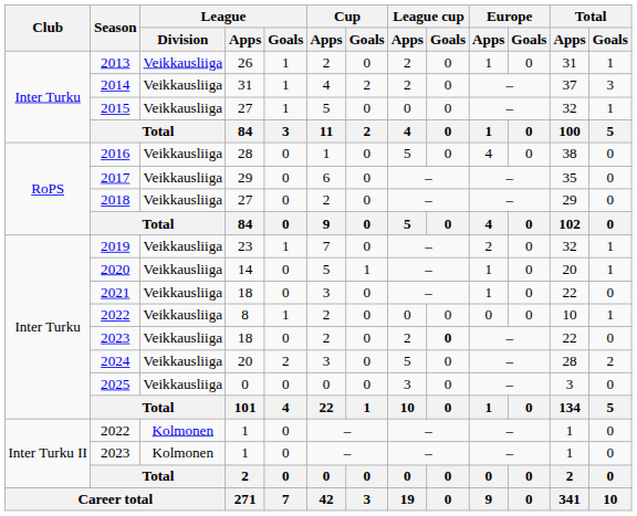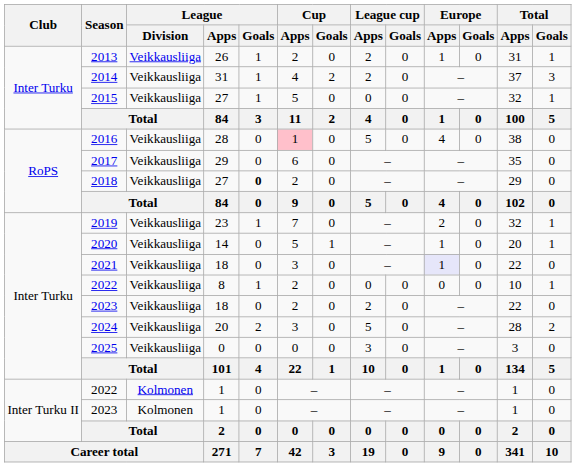 <table class="wikitable" style="text-align:center">
 <tr>
 <th rowspan="2">Club</th>
 <th rowspan="2">Season</th>
 <th colspan="3">League</th>
 <th colspan="2">Cup</th>
 <th colspan="2">League cup</th>
 <th colspan="2">Europe</th>
 <th colspan="2">Total</th>
 </tr>
 <tr>
 <th>Division</th>
 <th>Apps</th>
 <th>Goals</th>
 <th>Apps</th>
 <th>Goals</th>
 <th>Apps</th>
 <th>Goals</th>
 <th>Apps</th>
 <th>Goals</th>
 <th>Apps</th>
 <th>Goals</th>
 </tr>
 <tr>
 <td rowspan=4><a href='#'>Inter Turku</a></td>
 <td><a href='#'>2013</a></td>
 <td><a href='#'>Veikkausliiga</a></td>
 <td>26</td>
 <td>1</td>
 <td>2</td>
 <td>0</td>
 <td>2</td>
 <td>0</td>
 <td>1</td>
 <td>0</td>
 <td>31</td>
 <td>1</td>
 </tr>
 <tr>
 <td><a href='#'>2014</a></td>
 <td>Veikkausliiga</td>
 <td>31</td>
 <td>1</td>
 <td>4</td>
 <td>2</td>
 <td>2</td>
 <td>0</td>
 <td colspan=2>–</td>
 <td>37</td>
 <td>3</td>
 </tr>
 <tr>
 <td><a href='#'>2015</a></td>
 <td>Veikkausliiga</td>
 <td>27</td>
 <td>1</td>
 <td>5</td>
 <td>0</td>
 <td>0</td>
 <td>0</td>
 <td colspan=2>–</td>
 <td>32</td>
 <td>1</td>
 </tr>
 <tr>
 <th colspan="2">Total</th>
 <th>84</th>
 <th>3</th>
 <th>11</th>
 <th>2</th>
 <th>4</th>
 <th>0</th>
 <th>1</th>
 <th>0</th>
 <th>100</th>
 <th>5</th>
 </tr>
 <tr>
 <td rowspan=4><a href='#'>RoPS</a></td>
 <td><a href='#'>2016</a></td>
 <td>Veikkausliiga</td>
 <td>28</td>
 <td>0</td>
-<td>1</td>
+<td style="background: pink;">1</td>
 <td>0</td>
 <td>5</td>
 <td>0</td>
 <td>4</td>
 <td>0</td>
 <td>38</td>
 <td>0</td>
 </tr>
 <tr>
 <td><a href='#'>2017</a></td>
 <td>Veikkausliiga</td>
 <td>29</td>
 <td>0</td>
 <td>6</td>
 <td>0</td>
 <td colspan=2>–</td>
 <td colspan=2>–</td>
 <td>35</td>
 <td>0</td>
 </tr>
 <tr>
 <td><a href='#'>2018</a></td>
 <td>Veikkausliiga</td>
 <td>27</td>
-<td>0</td>
+<td><strong>0</strong></td>
 <td>2</td>
 <td>0</td>
 <td colspan=2>–</td>
 <td colspan=2>–</td>
 <td>29</td>
 <td>0</td>
 </tr>
 <tr>
 <th colspan="2">Total</th>
 <th>84</th>
 <th>0</th>
 <th>9</th>
 <th>0</th>
 <th>5</th>
 <th>0</th>
 <th>4</th>
 <th>0</th>
 <th>102</th>
 <th>0</th>
 </tr>
 <tr>
 <td rowspan=8>Inter Turku</td>
 <td><a href='#'>2019</a></td>
 <td>Veikkausliiga</td>
 <td>23</td>
 <td>1</td>
 <td>7</td>
 <td>0</td>
 <td colspan=2>–</td>
 <td>2</td>
 <td>0</td>
 <td>32</td>
 <td>1</td>
 </tr>
 <tr>
 <td><a href='#'>2020</a></td>
 <td>Veikkausliiga</td>
 <td>14</td>
 <td>0</td>
 <td>5</td>
 <td>1</td>
 <td colspan=2>–</td>
 <td>1</td>
 <td>0</td>
 <td>20</td>
 <td>1</td>
 </tr>
 <tr>
 <td><a href='#'>2021</a></td>
 <td>Veikkausliiga</td>
 <td>18</td>
 <td>0</td>
 <td>3</td>
 <td>0</td>
 <td colspan=2>–</td>
-<td>1</td>
+<td style="background: lavender;">1</td>
 <td>0</td>
 <td>22</td>
 <td>0</td>
 </tr>
 <tr>
 <td><a href='#'>2022</a></td>
 <td>Veikkausliiga</td>
 <td>8</td>
 <td>1</td>
 <td>2</td>
 <td>0</td>
 <td>0</td>
 <td>0</td>
 <td>0</td>
 <td>0</td>
 <td>10</td>
 <td>1</td>
 </tr>
 <tr>
 <td><a href='#'>2023</a></td>
 <td>Veikkausliiga</td>
 <td>18</td>
 <td>0</td>
 <td>2</td>
 <td>0</td>
 <td>2</td>
-<td><strong>0</strong></td>
+<td>0</td>
 <td colspan=2>–</td>
 <td>22</td>
 <td>0</td>
 </tr>
 <tr>
 <td><a href='#'>2024</a></td>
 <td>Veikkausliiga</td>
 <td>20</td>
 <td>2</td>
 <td>3</td>
 <td>0</td>
 <td>5</td>
 <td>0</td>
 <td colspan=2>–</td>
 <td>28</td>
 <td>2</td>
 </tr>
 <tr>
 <td><a href='#'>2025</a></td>
 <td>Veikkausliiga</td>
 <td>0</td>
 <td>0</td>
 <td>0</td>
 <td>0</td>
 <td>3</td>
 <td>0</td>
 <td colspan=2>–</td>
 <td>3</td>
 <td>0</td>
 </tr>
 <tr>
 <th colspan="2">Total</th>
 <th>101</th>
 <th>4</th>
 <th>22</th>
 <th>1</th>
 <th>10</th>
 <th>0</th>
 <th>1</th>
 <th>0</th>
 <th>134</th>
 <th>5</th>
 </tr>
 <tr>
 <td rowspan=3>Inter Turku II</td>
 <td>2022</td>
 <td><a href='#'>Kolmonen</a></td>
 <td>1</td>
 <td>0</td>
 <td colspan=2>–</td>
 <td colspan=2>–</td>
 <td colspan=2>–</td>
 <td>1</td>
 <td>0</td>
 </tr>
 <tr>
 <td>2023</td>
 <td>Kolmonen</td>
 <td>1</td>
 <td>0</td>
 <td colspan=2>–</td>
 <td colspan=2>–</td>
 <td colspan=2>–</td>
 <td>1</td>
 <td>0</td>
 </tr>
 <tr>
 <th colspan="2">Total</th>
 <th>2</th>
 <th>0</th>
 <th>0</th>
 <th>0</th>
 <th>0</th>
 <th>0</th>
 <th>0</th>
 <th>0</th>
 <th>2</th>
 <th>0</th>
 </tr>
 <tr>
 <th colspan="3">Career total</th>
 <th>271</th>
 <th>7</th>
 <th>42</th>
 <th>3</th>
 <th>19</th>
 <th>0</th>
 <th>9</th>
 <th>0</th>
 <th>341</th>
 <th>10</th>
 </tr>
 </table>
